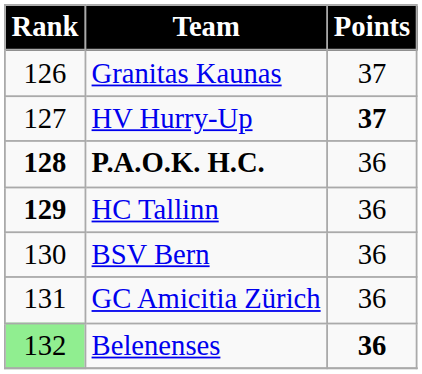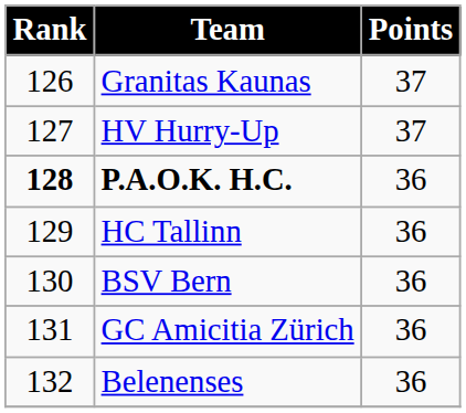 <table class="wikitable" style="text-align: center">
 <tr>
 <th style="color:#FFFFFF; background:black">Rank</th>
 <th style="color:#FFFFFF; background:black">Team</th>
 <th style="color:#FFFFFF; background:black">Points</th>
 </tr>
 <tr>
 <td>126</td>
 <td align=left> <a href='#'>Granitas Kaunas</a></td>
 <td>37</td>
 </tr>
 <tr>
 <td>127</td>
 <td align=left> <a href='#'>HV Hurry-Up</a></td>
-<td><strong>37</strong></td>
+<td>37</td>
 </tr>
 <tr>
 <td><strong>128</strong></td>
 <td align=left> <strong>P.A.O.K. H.C.</strong></td>
 <td>36</td>
 </tr>
 <tr>
-<td><strong>129</strong></td>
+<td>129</td>
 <td align=left> <a href='#'>HC Tallinn</a></td>
 <td>36</td>
 </tr>
 <tr>
 <td>130</td>
 <td align=left> <a href='#'>BSV Bern</a></td>
 <td>36</td>
 </tr>
 <tr>
 <td>131</td>
 <td align=left> <a href='#'>GC Amicitia Zürich</a></td>
 <td>36</td>
 </tr>
 <tr>
-<td style="background: lightgreen;">132</td>
+<td>132</td>
 <td align=left> <a href='#'>Belenenses</a></td>
-<td><strong>36</strong></td>
+<td>36</td>
 </tr>
 <tr>
 </tr>
 </table>
